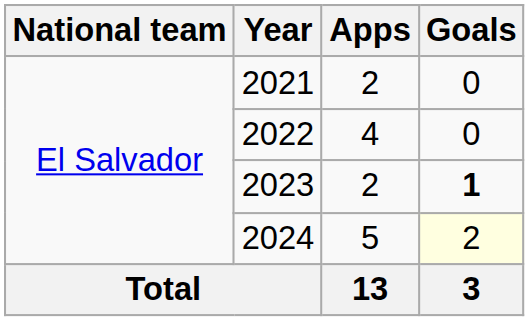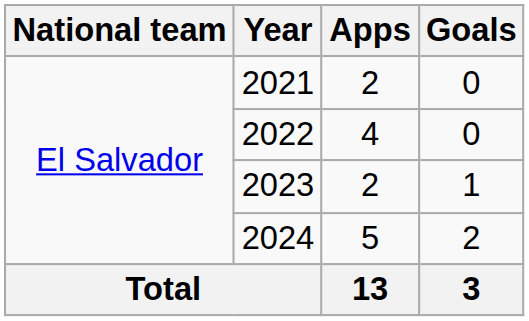 <table class="wikitable" style="text-align:center">
 <tr>
 <th>National team</th>
 <th>Year</th>
 <th>Apps</th>
 <th>Goals</th>
 </tr>
 <tr>
 <td rowspan="4"><a href='#'>El Salvador</a></td>
 <td>2021</td>
 <td>2</td>
 <td>0</td>
 </tr>
 <tr>
 <td>2022</td>
 <td>4</td>
 <td>0</td>
 </tr>
 <tr>
 <td>2023</td>
 <td>2</td>
-<td><strong>1</strong></td>
+<td>1</td>
 </tr>
 <tr>
 <td>2024</td>
 <td>5</td>
-<td style="background: lightyellow;">2</td>
+<td>2</td>
 </tr>
 <tr>
 <th colspan="2">Total</th>
 <th>13</th>
 <th>3</th>
 </tr>
 </table>
